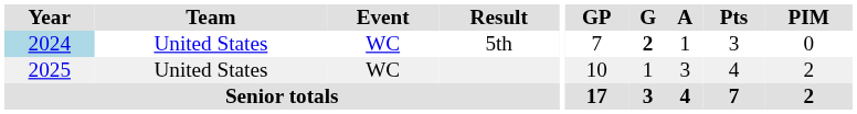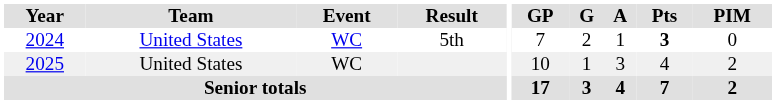 <table border="0" cellpadding="1" cellspacing="0" ID="Table3" style="text-align:center; width:40em">
 <tr ALIGN="center" bgcolor="#e0e0e0">
 <th>Year</th>
 <th>Team</th>
 <th>Event</th>
 <th>Result</th>
 <th rowspan="99" bgcolor="#ffffff"></th>
 <th>GP</th>
 <th>G</th>
 <th>A</th>
 <th>Pts</th>
 <th>PIM</th>
 </tr>
 <tr>
-<td style="background: lightblue;"><a href='#'>2024</a></td>
+<td><a href='#'>2024</a></td>
 <td><a href='#'>United States</a></td>
 <td><a href='#'>WC</a></td>
 <td>5th</td>
 <td>7</td>
-<td><strong>2</strong></td>
+<td>2</td>
 <td>1</td>
-<td>3</td>
+<td><strong>3</strong></td>
 <td>0</td>
 </tr>
 <tr bgcolor="#f0f0f0">
 <td><a href='#'>2025</a></td>
 <td>United States</td>
 <td>WC</td>
 <td></td>
 <td>10</td>
 <td>1</td>
 <td>3</td>
 <td>4</td>
 <td>2</td>
 </tr>
 <tr ALIGN="center" bgcolor="#e0e0e0">
 <th colspan=4>Senior totals</th>
 <th>17</th>
 <th>3</th>
 <th>4</th>
 <th>7</th>
 <th>2</th>
 </tr>
 </table>
